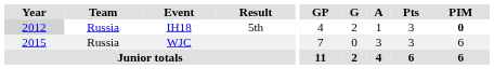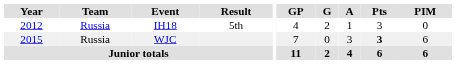 <table border="0" cellpadding="1" cellspacing="0" ID="Table3" style="text-align:center; width:40em">
 <tr ALIGN="center" bgcolor="#e0e0e0">
 <th>Year</th>
 <th>Team</th>
 <th>Event</th>
 <th>Result</th>
 <th rowspan="99" bgcolor="#ffffff"></th>
 <th>GP</th>
 <th>G</th>
 <th>A</th>
 <th>Pts</th>
 <th>PIM</th>
 </tr>
 <tr>
-<td style="background: lightgrey;"><a href='#'>2012</a></td>
+<td><a href='#'>2012</a></td>
 <td><a href='#'>Russia</a></td>
 <td><a href='#'>IH18</a></td>
 <td>5th</td>
 <td>4</td>
 <td>2</td>
 <td>1</td>
 <td>3</td>
-<td><strong>0</strong></td>
+<td>0</td>
 </tr>
 <tr bgcolor="#f0f0f0">
 <td><a href='#'>2015</a></td>
 <td>Russia</td>
 <td><a href='#'>WJC</a></td>
 <td></td>
 <td>7</td>
 <td>0</td>
 <td>3</td>
-<td>3</td>
+<td><strong>3</strong></td>
 <td>6</td>
 </tr>
 <tr bgcolor="#e0e0e0">
 <th colspan="4">Junior totals</th>
 <th>11</th>
 <th>2</th>
 <th>4</th>
 <th>6</th>
 <th>6</th>
 </tr>
 </table>
